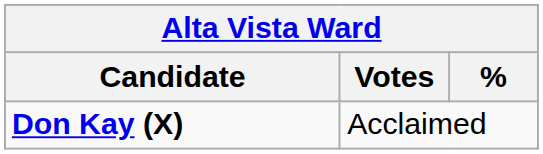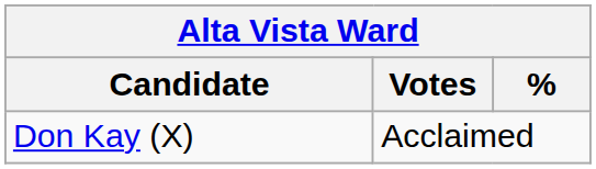 <table class="wikitable">
 <tr>
 <th colspan="3"><a href='#'>Alta Vista Ward</a></th>
 </tr>
 <tr>
 <th style="width: 170px">Candidate</th>
 <th style="width: 50px">Votes</th>
 <th style="width: 40px">%</th>
 </tr>
 <tr>
-<td><strong><a href='#'>Don Kay</a> (X)</strong></td>
+<td><a href='#'>Don Kay</a> (X)</td>
 <td colspan="2">Acclaimed</td>
 </tr>
 </table>
